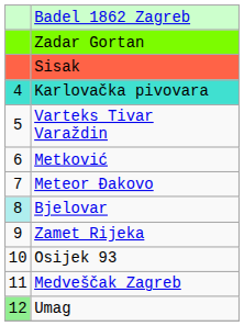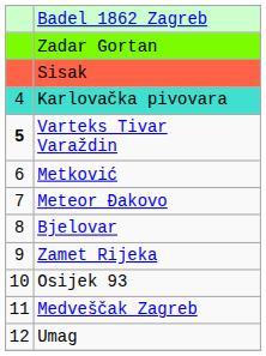 <table class="wikitable" width="200px">
 <tr bgcolor=#ccffcc>
 <td align=center></td>
 <td><a href='#'>Badel 1862 Zagreb</a></td>
 </tr>
 <tr bgcolor="lawngreen">
 <td align=center></td>
 <td>Zadar Gortan</td>
 </tr>
 <tr bgcolor="tomato">
 <td align=center></td>
 <td>Sisak</td>
 </tr>
 <tr bgcolor="turquoise">
 <td align=center>4</td>
 <td>Karlovačka pivovara</td>
 </tr>
 <tr>
-<td align=center>5</td>
+<td align=center><strong>5</strong></td>
 <td><a href='#'>Varteks Tivar Varaždin</a></td>
 </tr>
 <tr>
 <td align=center>6</td>
 <td><a href='#'>Metković</a></td>
 </tr>
 <tr>
 <td align=center>7</td>
 <td><a href='#'>Meteor Đakovo</a></td>
 </tr>
 <tr>
-<td align=center style="background: paleturquoise;">8</td>
+<td align=center>8</td>
 <td><a href='#'>Bjelovar</a></td>
 </tr>
 <tr>
 <td align=center>9</td>
 <td><a href='#'>Zamet Rijeka</a></td>
 </tr>
 <tr>
 <td align=center>10</td>
 <td>Osijek 93</td>
 </tr>
 <tr>
 <td align=center>11</td>
 <td><a href='#'>Medveščak Zagreb</a></td>
 </tr>
 <tr>
-<td align=center style="background: lightgreen;">12</td>
+<td align=center>12</td>
 <td>Umag</td>
 </tr>
 <tr>
 </tr>
 </table>
